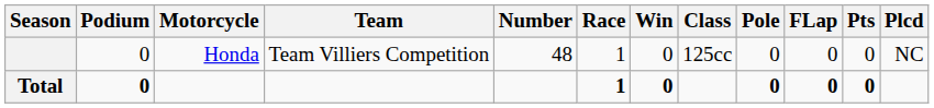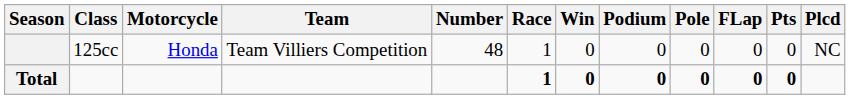 <table class="wikitable">
 <tr>
 <th>Season</th>
-<th>Podium</th>
+<th>Class</th>
 <th>Motorcycle</th>
 <th>Team</th>
 <th>Number</th>
 <th>Race</th>
 <th>Win</th>
-<th>Class</th>
+<th>Podium</th>
 <th>Pole</th>
 <th>FLap</th>
 <th>Pts</th>
 <th>Plcd</th>
 </tr>
 <tr align="right">
 <th></th>
-<td>0</td>
+<td>125cc</td>
 <td><a href='#'>Honda</a></td>
 <td>Team Villiers Competition</td>
 <td>48</td>
 <td>1</td>
 <td>0</td>
-<td>125cc</td>
+<td>0</td>
 <td>0</td>
 <td>0</td>
 <td>0</td>
 <td>NC</td>
 </tr>
 <tr align="right">
 <th>Total</th>
-<td><strong>0</strong></td>
+<td></td>
 <td></td>
 <td></td>
 <td></td>
 <td><strong>1</strong></td>
 <td><strong>0</strong></td>
-<td></td>
+<td><strong>0</strong></td>
 <td><strong>0</strong></td>
 <td><strong>0</strong></td>
 <td><strong>0</strong></td>
 <td></td>
 </tr>
 </table>
